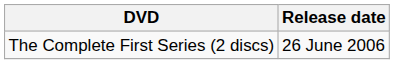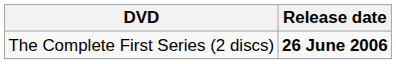 <table class="wikitable">
 <tr>
 <th>DVD</th>
 <th>Release date</th>
 </tr>
 <tr>
 <td>The Complete First Series  (2 discs)</td>
-<td>26 June 2006</td>
+<td><strong>26 June 2006</strong></td>
 </tr>
 <tr>
 </tr>
 </table>
